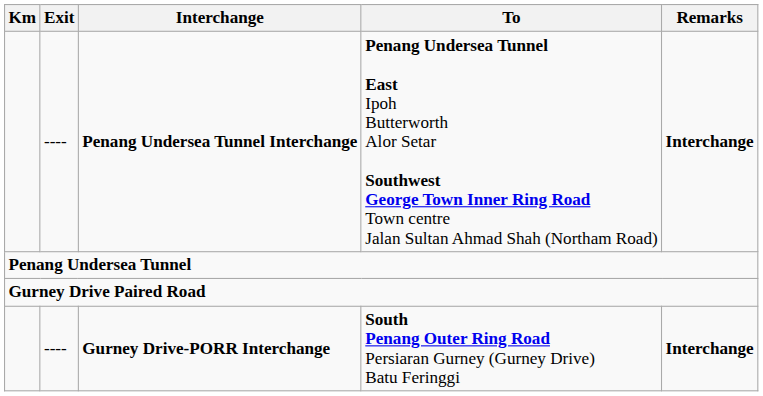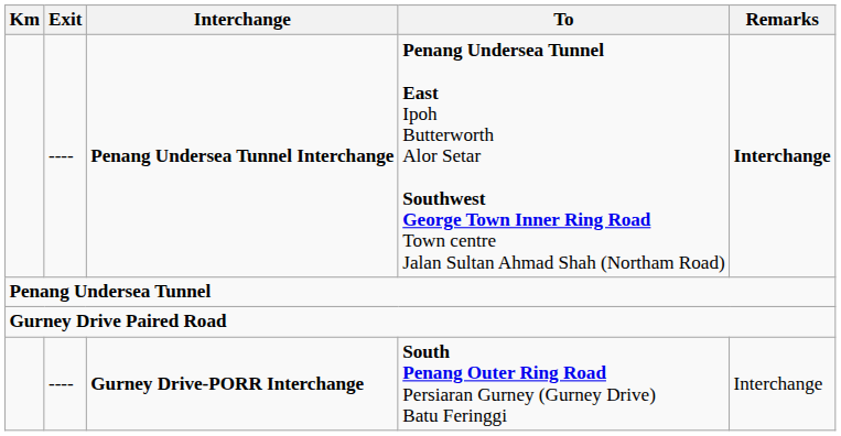 <table class="wikitable">
 <tr>
 <th>Km</th>
 <th>Exit</th>
 <th>Interchange</th>
 <th>To</th>
 <th>Remarks</th>
 </tr>
 <tr>
 <td></td>
 <td>----</td>
 <td><strong>Penang Undersea Tunnel Interchange</strong></td>
 <td> <strong>Penang Undersea Tunnel</strong><br><br><strong>East</strong><br>Ipoh<br>Butterworth<br>Alor Setar<br><br><strong>Southwest</strong><br><strong><a href='#'>George Town Inner Ring Road</a></strong><br>Town centre<br>Jalan Sultan Ahmad Shah (Northam Road)</td>
 <td><strong>Interchange</strong></td>
 </tr>
 <tr>
 <td style="width:600px" colspan="6" style="text-align:center; background:orange;"><strong><span> Penang Undersea Tunnel</span></strong></td>
 </tr>
 <tr>
 <td style="width:600px" colspan="6" style="text-align:center; background:orange;"><strong><span> Gurney Drive Paired Road</span></strong></td>
 </tr>
 <tr>
 <td></td>
 <td>----</td>
 <td><strong>Gurney Drive-PORR Interchange</strong></td>
 <td><strong>South</strong><br> <strong><a href='#'>Penang Outer Ring Road</a></strong><br>Persiaran Gurney (Gurney Drive)<br>Batu Feringgi</td>
-<td><strong>Interchange</strong></td>
+<td>Interchange</td>
 </tr>
 </table>
